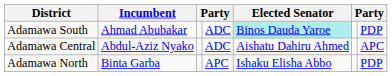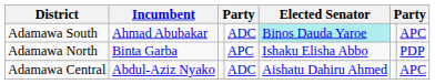 <table class="sortable wikitable" style="font-size:95%;line-height:14px;">
 <tr>
 <th class="unsortable">District</th>
 <th class="unsortable"><a href='#'>Incumbent</a></th>
 <th colspan="2">Party</th>
 <th class="unsortable">Elected Senator</th>
 <th colspan="2">Party</th>
 </tr>
 <tr>
 <td>Adamawa South</td>
 <td><a href='#'>Ahmad Abubakar</a></td>
 <td style="background:"></td>
 <td><a href='#'>ADC</a></td>
 <td style="background: paleturquoise;"><a href='#'>Binos Dauda Yaroe</a></td>
 <td style="background:"></td>
+<td><a href='#'>APC</a></td>
+</tr>
+<tr>
+<td>Adamawa North</td>
+<td><a href='#'>Binta Garba</a></td>
+<td style="background:"></td>
+<td><a href='#'>APC</a></td>
+<td><a href='#'>Ishaku Elisha Abbo</a></td>
+<td style="background:"></td>
 <td><a href='#'>PDP</a></td>
 </tr>
 <tr>
 <td>Adamawa Central</td>
 <td><a href='#'>Abdul-Aziz Nyako</a></td>
 <td style="background:"></td>
 <td><a href='#'>ADC</a></td>
 <td><a href='#'>Aishatu Dahiru Ahmed</a></td>
 <td style="background:"></td>
 <td><a href='#'>APC</a></td>
 </tr>
-<tr>
-<td>Adamawa North</td>
-<td><a href='#'>Binta Garba</a></td>
-<td style="background:"></td>
-<td><a href='#'>APC</a></td>
-<td><a href='#'>Ishaku Elisha Abbo</a></td>
-<td style="background:"></td>
-<td><a href='#'>PDP</a></td>
-</tr>
 </table>
